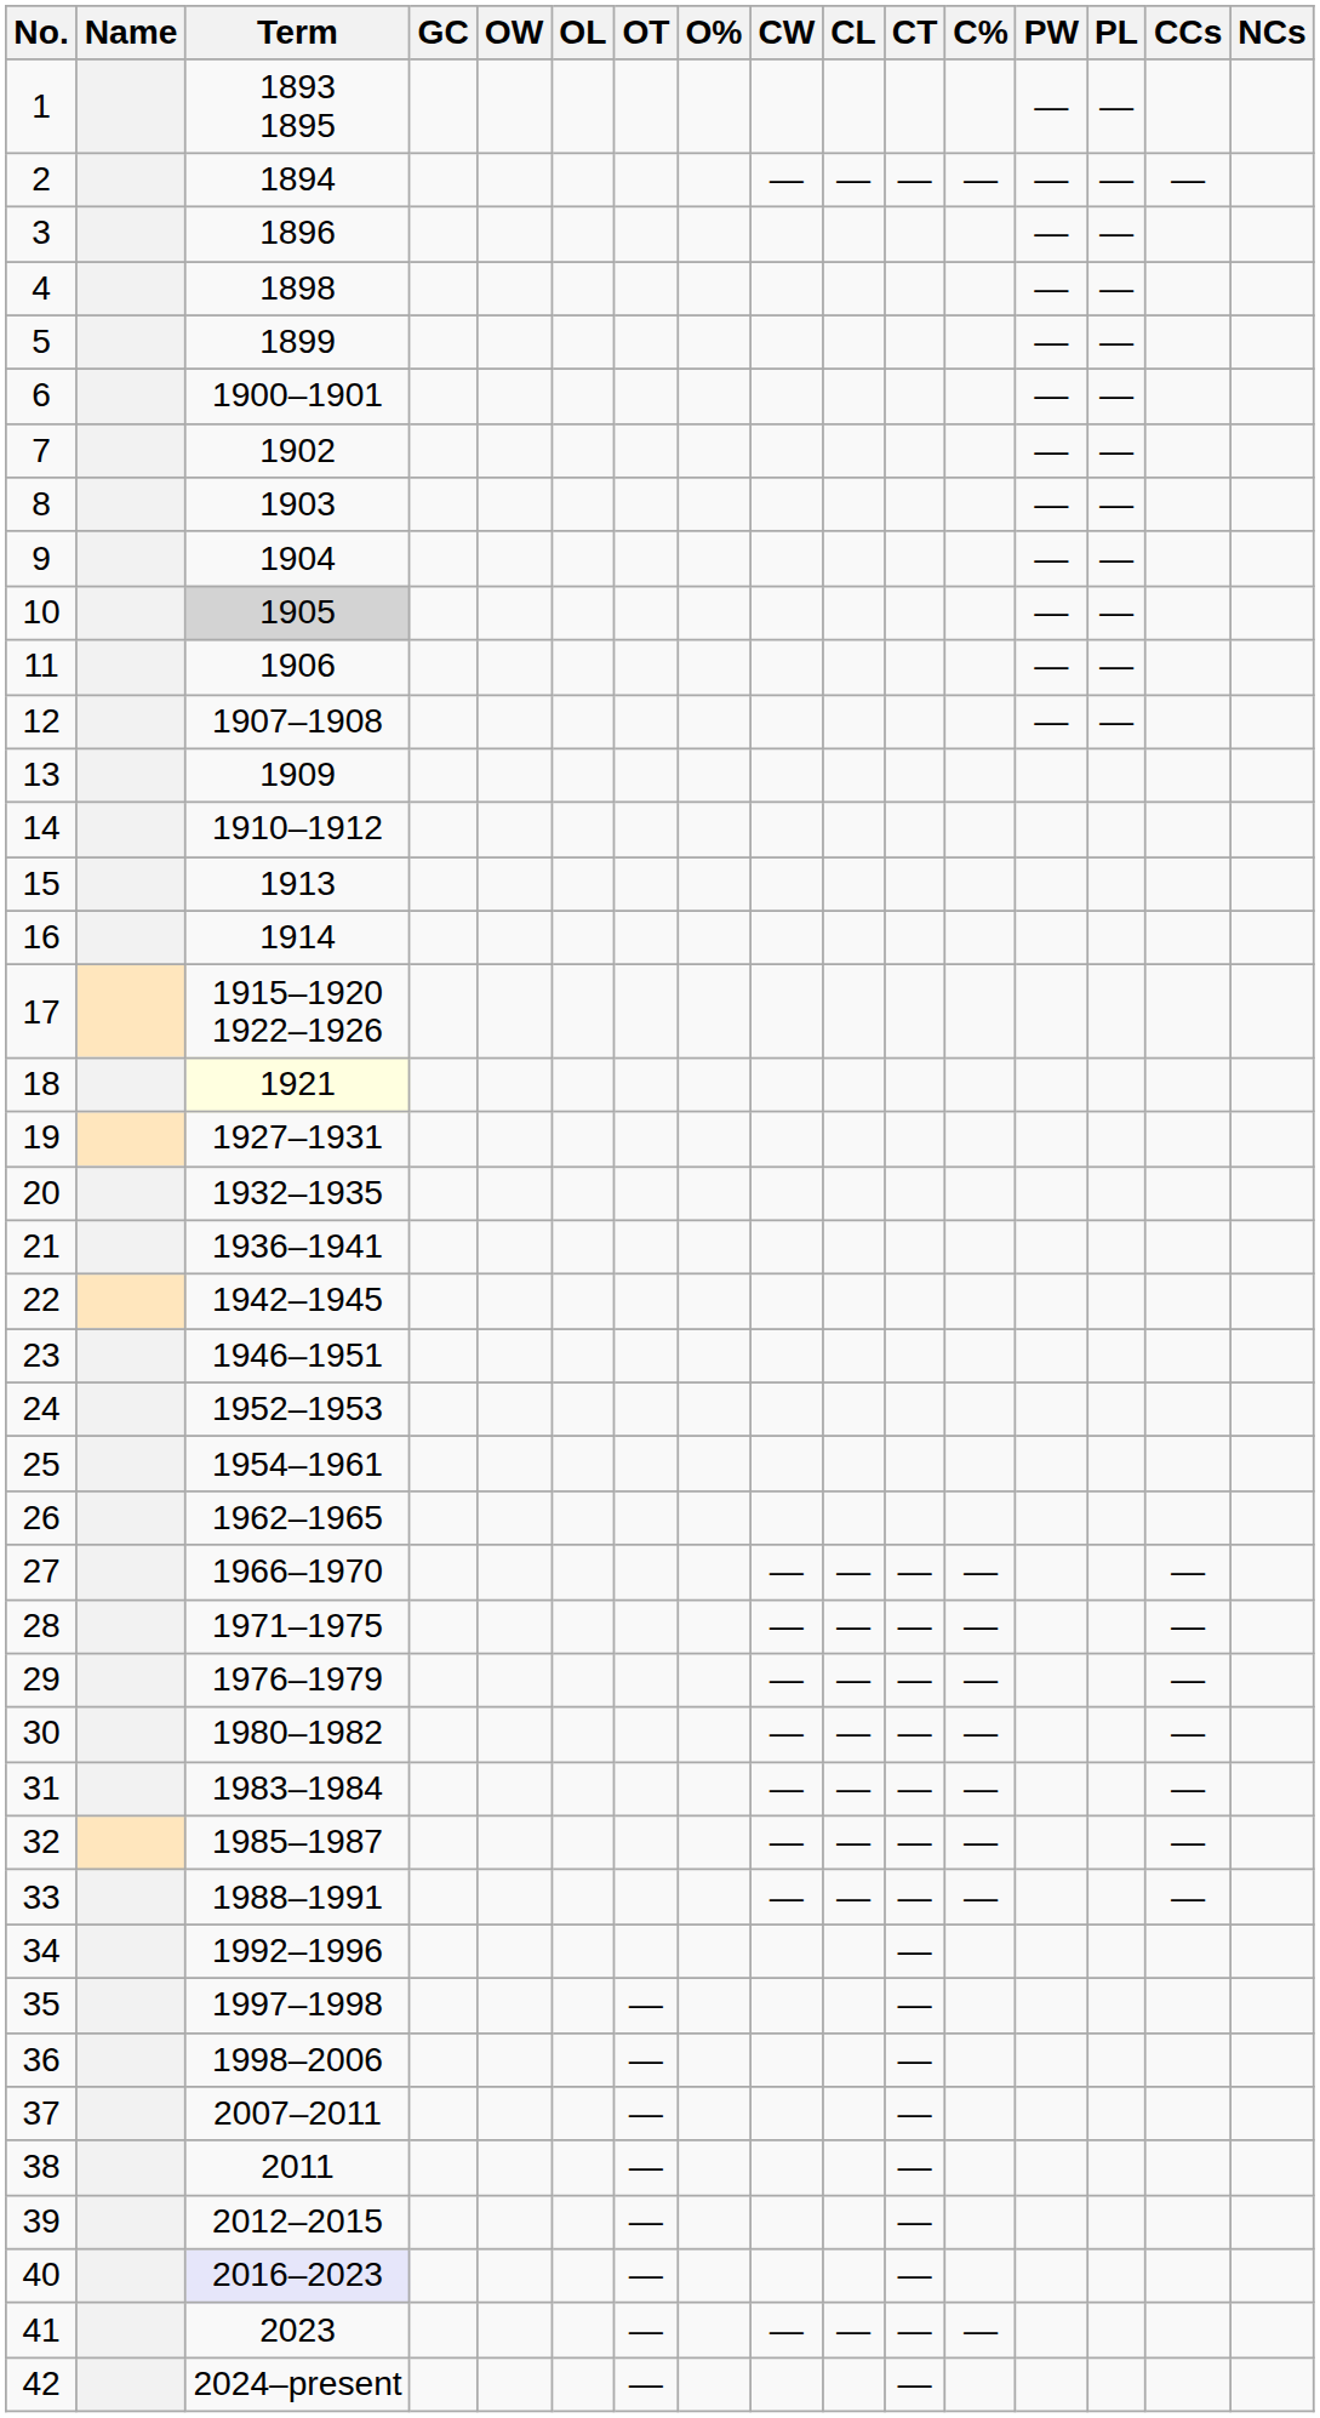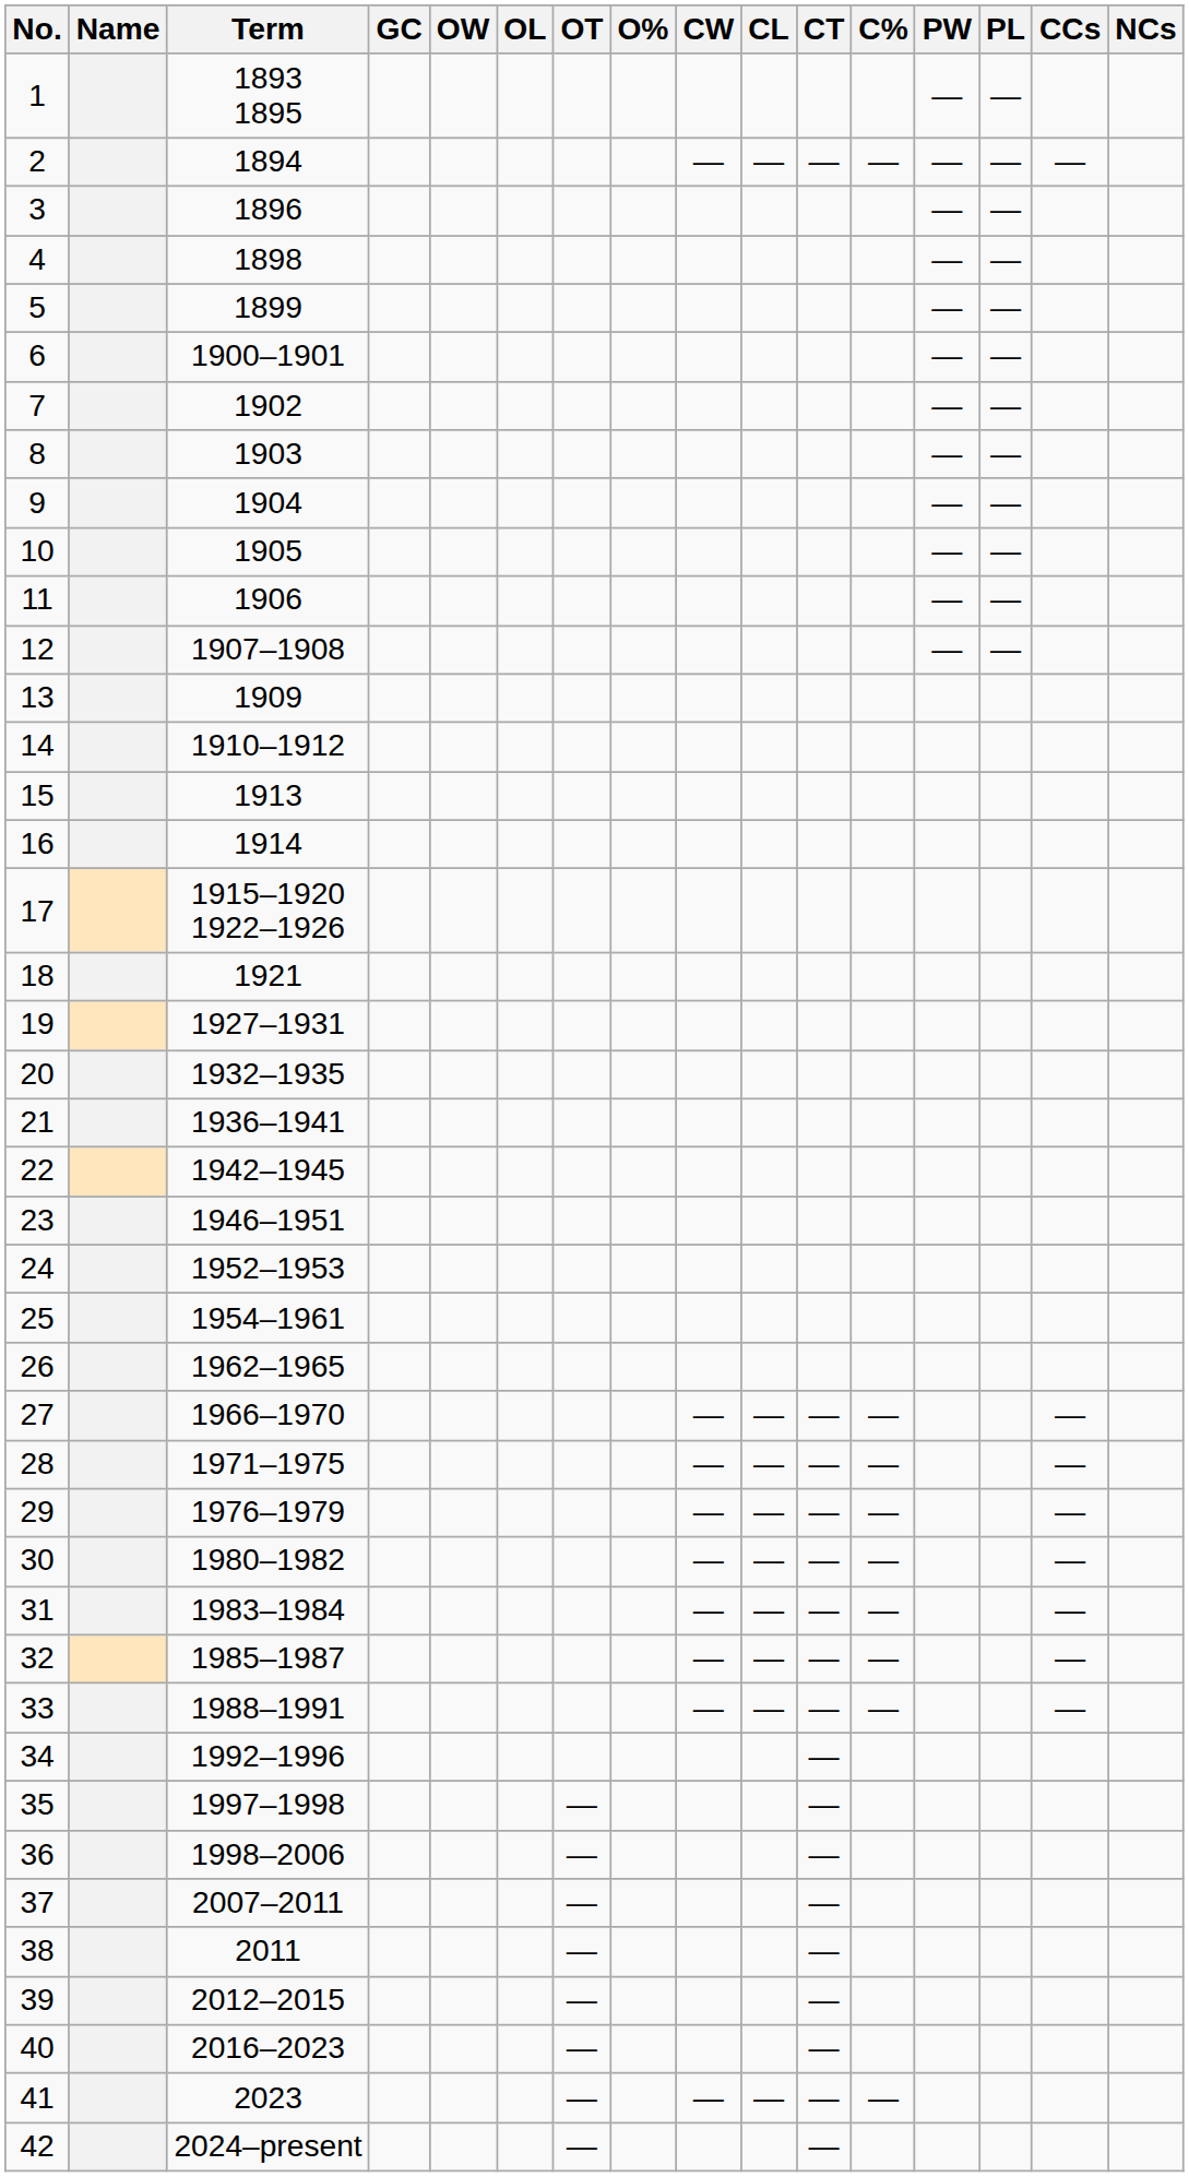 <table class="wikitable sortable" style="text-align:center">
 <tr>
 <th scope="col" class="unsortable">No.</th>
 <th>Name</th>
 <th>Term</th>
 <th>GC</th>
 <th>OW</th>
 <th>OL</th>
 <th>OT</th>
 <th>O%</th>
 <th>CW</th>
 <th>CL</th>
 <th>CT</th>
 <th>C%</th>
 <th>PW</th>
 <th>PL</th>
 <th>CCs</th>
 <th>NCs</th>
 </tr>
 <tr>
 <td>1</td>
 <th scope="row"></th>
 <td>1893<br>1895</td>
 <td></td>
 <td></td>
 <td></td>
 <td></td>
 <td></td>
 <td></td>
 <td></td>
 <td></td>
 <td></td>
 <td>—</td>
 <td>—</td>
 <td></td>
 <td></td>
 </tr>
 <tr>
 <td>2</td>
 <th scope="row"></th>
 <td>1894</td>
 <td></td>
 <td></td>
 <td></td>
 <td></td>
 <td></td>
 <td>—</td>
 <td>—</td>
 <td>—</td>
 <td>—</td>
 <td>—</td>
 <td>—</td>
 <td>—</td>
 <td></td>
 </tr>
 <tr>
 <td>3</td>
 <th scope="row"></th>
 <td>1896</td>
 <td></td>
 <td></td>
 <td></td>
 <td></td>
 <td></td>
 <td></td>
 <td></td>
 <td></td>
 <td></td>
 <td>—</td>
 <td>—</td>
 <td></td>
 <td></td>
 </tr>
 <tr>
 <td>4</td>
 <th scope="row"></th>
 <td>1898</td>
 <td></td>
 <td></td>
 <td></td>
 <td></td>
 <td></td>
 <td></td>
 <td></td>
 <td></td>
 <td></td>
 <td>—</td>
 <td>—</td>
 <td></td>
 <td></td>
 </tr>
 <tr>
 <td>5</td>
 <th scope="row"></th>
 <td>1899</td>
 <td></td>
 <td></td>
 <td></td>
 <td></td>
 <td></td>
 <td></td>
 <td></td>
 <td></td>
 <td></td>
 <td>—</td>
 <td>—</td>
 <td></td>
 <td></td>
 </tr>
 <tr>
 <td>6</td>
 <th scope="row"></th>
 <td>1900–1901</td>
 <td></td>
 <td></td>
 <td></td>
 <td></td>
 <td></td>
 <td></td>
 <td></td>
 <td></td>
 <td></td>
 <td>—</td>
 <td>—</td>
 <td></td>
 <td></td>
 </tr>
 <tr>
 <td>7</td>
 <th scope="row"></th>
 <td>1902</td>
 <td></td>
 <td></td>
 <td></td>
 <td></td>
 <td></td>
 <td></td>
 <td></td>
 <td></td>
 <td></td>
 <td>—</td>
 <td>—</td>
 <td></td>
 <td></td>
 </tr>
 <tr>
 <td>8</td>
 <th scope="row"></th>
 <td>1903</td>
 <td></td>
 <td></td>
 <td></td>
 <td></td>
 <td></td>
 <td></td>
 <td></td>
 <td></td>
 <td></td>
 <td>—</td>
 <td>—</td>
 <td></td>
 <td></td>
 </tr>
 <tr>
 <td>9</td>
 <th scope="row"></th>
 <td>1904</td>
 <td></td>
 <td></td>
 <td></td>
 <td></td>
 <td></td>
 <td></td>
 <td></td>
 <td></td>
 <td></td>
 <td>—</td>
 <td>—</td>
 <td></td>
 <td></td>
 </tr>
 <tr>
 <td>10</td>
 <th scope="row"></th>
-<td style="background: lightgrey;">1905</td>
+<td>1905</td>
 <td></td>
 <td></td>
 <td></td>
 <td></td>
 <td></td>
 <td></td>
 <td></td>
 <td></td>
 <td></td>
 <td>—</td>
 <td>—</td>
 <td></td>
 <td></td>
 </tr>
 <tr>
 <td>11</td>
 <th scope="row"></th>
 <td>1906</td>
 <td></td>
 <td></td>
 <td></td>
 <td></td>
 <td></td>
 <td></td>
 <td></td>
 <td></td>
 <td></td>
 <td>—</td>
 <td>—</td>
 <td></td>
 <td></td>
 </tr>
 <tr>
 <td>12</td>
 <th scope="row"></th>
 <td>1907–1908</td>
 <td></td>
 <td></td>
 <td></td>
 <td></td>
 <td></td>
 <td></td>
 <td></td>
 <td></td>
 <td></td>
 <td>—</td>
 <td>—</td>
 <td></td>
 <td></td>
 </tr>
 <tr>
 <td>13</td>
 <th scope="row"></th>
 <td>1909</td>
 <td></td>
 <td></td>
 <td></td>
 <td></td>
 <td></td>
 <td></td>
 <td></td>
 <td></td>
 <td></td>
 <td></td>
 <td></td>
 <td></td>
 <td></td>
 </tr>
 <tr>
 <td>14</td>
 <th scope="row"></th>
 <td>1910–1912</td>
 <td></td>
 <td></td>
 <td></td>
 <td></td>
 <td></td>
 <td></td>
 <td></td>
 <td></td>
 <td></td>
 <td></td>
 <td></td>
 <td></td>
 <td></td>
 </tr>
 <tr>
 <td>15</td>
 <th scope="row"></th>
 <td>1913</td>
 <td></td>
 <td></td>
 <td></td>
 <td></td>
 <td></td>
 <td></td>
 <td></td>
 <td></td>
 <td></td>
 <td></td>
 <td></td>
 <td></td>
 <td></td>
 </tr>
 <tr>
 <td>16</td>
 <th scope="row"></th>
 <td>1914</td>
 <td></td>
 <td></td>
 <td></td>
 <td></td>
 <td></td>
 <td></td>
 <td></td>
 <td></td>
 <td></td>
 <td></td>
 <td></td>
 <td></td>
 <td></td>
 </tr>
 <tr>
 <td>17</td>
 <td scope="row" align="center" bgcolor=#FFE6BD><strong></strong><sup></sup></td>
 <td>1915–1920<br>1922–1926</td>
 <td></td>
 <td></td>
 <td></td>
 <td></td>
 <td></td>
 <td></td>
 <td></td>
 <td></td>
 <td></td>
 <td></td>
 <td></td>
 <td></td>
 <td></td>
 </tr>
 <tr>
 <td>18</td>
 <th scope="row"></th>
-<td style="background: lightyellow;">1921</td>
+<td>1921</td>
 <td></td>
 <td></td>
 <td></td>
 <td></td>
 <td></td>
 <td></td>
 <td></td>
 <td></td>
 <td></td>
 <td></td>
 <td></td>
 <td></td>
 <td></td>
 </tr>
 <tr>
 <td>19</td>
 <td scope="row" align="center" bgcolor=#FFE6BD><strong></strong><sup></sup></td>
 <td>1927–1931</td>
 <td></td>
 <td></td>
 <td></td>
 <td></td>
 <td></td>
 <td></td>
 <td></td>
 <td></td>
 <td></td>
 <td></td>
 <td></td>
 <td></td>
 <td></td>
 </tr>
 <tr>
 <td>20</td>
 <th scope="row"></th>
 <td>1932–1935</td>
 <td></td>
 <td></td>
 <td></td>
 <td></td>
 <td></td>
 <td></td>
 <td></td>
 <td></td>
 <td></td>
 <td></td>
 <td></td>
 <td></td>
 <td></td>
 </tr>
 <tr>
 <td>21</td>
 <th scope="row"></th>
 <td>1936–1941</td>
 <td></td>
 <td></td>
 <td></td>
 <td></td>
 <td></td>
 <td></td>
 <td></td>
 <td></td>
 <td></td>
 <td></td>
 <td></td>
 <td></td>
 <td></td>
 </tr>
 <tr>
 <td>22</td>
 <td scope="row" align="center" bgcolor=#FFE6BD><strong></strong><sup></sup></td>
 <td>1942–1945</td>
 <td></td>
 <td></td>
 <td></td>
 <td></td>
 <td></td>
 <td></td>
 <td></td>
 <td></td>
 <td></td>
 <td></td>
 <td></td>
 <td></td>
 <td></td>
 </tr>
 <tr>
 <td>23</td>
 <th scope="row"></th>
 <td>1946–1951</td>
 <td></td>
 <td></td>
 <td></td>
 <td></td>
 <td></td>
 <td></td>
 <td></td>
 <td></td>
 <td></td>
 <td></td>
 <td></td>
 <td></td>
 <td></td>
 </tr>
 <tr>
 <td>24</td>
 <th scope="row"></th>
 <td>1952–1953</td>
 <td></td>
 <td></td>
 <td></td>
 <td></td>
 <td></td>
 <td></td>
 <td></td>
 <td></td>
 <td></td>
 <td></td>
 <td></td>
 <td></td>
 <td></td>
 </tr>
 <tr>
 <td>25</td>
 <th scope="row"></th>
 <td>1954–1961</td>
 <td></td>
 <td></td>
 <td></td>
 <td></td>
 <td></td>
 <td></td>
 <td></td>
 <td></td>
 <td></td>
 <td></td>
 <td></td>
 <td></td>
 <td></td>
 </tr>
 <tr>
 <td>26</td>
 <th scope="row"></th>
 <td>1962–1965</td>
 <td></td>
 <td></td>
 <td></td>
 <td></td>
 <td></td>
 <td></td>
 <td></td>
 <td></td>
 <td></td>
 <td></td>
 <td></td>
 <td></td>
 <td></td>
 </tr>
 <tr>
 <td>27</td>
 <th scope="row"></th>
 <td>1966–1970</td>
 <td></td>
 <td></td>
 <td></td>
 <td></td>
 <td></td>
 <td>—</td>
 <td>—</td>
 <td>—</td>
 <td>—</td>
 <td></td>
 <td></td>
 <td>—</td>
 <td></td>
 </tr>
 <tr>
 <td>28</td>
 <th scope="row"></th>
 <td>1971–1975</td>
 <td></td>
 <td></td>
 <td></td>
 <td></td>
 <td></td>
 <td>—</td>
 <td>—</td>
 <td>—</td>
 <td>—</td>
 <td></td>
 <td></td>
 <td>—</td>
 <td></td>
 </tr>
 <tr>
 <td>29</td>
 <th scope="row"></th>
 <td>1976–1979</td>
 <td></td>
 <td></td>
 <td></td>
 <td></td>
 <td></td>
 <td>—</td>
 <td>—</td>
 <td>—</td>
 <td>—</td>
 <td></td>
 <td></td>
 <td>—</td>
 <td></td>
 </tr>
 <tr>
 <td>30</td>
 <th scope="row"></th>
 <td>1980–1982</td>
 <td></td>
 <td></td>
 <td></td>
 <td></td>
 <td></td>
 <td>—</td>
 <td>—</td>
 <td>—</td>
 <td>—</td>
 <td></td>
 <td></td>
 <td>—</td>
 <td></td>
 </tr>
 <tr>
 <td>31</td>
 <th scope="row"></th>
 <td>1983–1984</td>
 <td></td>
 <td></td>
 <td></td>
 <td></td>
 <td></td>
 <td>—</td>
 <td>—</td>
 <td>—</td>
 <td>—</td>
 <td></td>
 <td></td>
 <td>—</td>
 <td></td>
 </tr>
 <tr>
 <td>32</td>
 <td scope="row" align="center" bgcolor=#FFE6BD><strong></strong><sup></sup></td>
 <td>1985–1987</td>
 <td></td>
 <td></td>
 <td></td>
 <td></td>
 <td></td>
 <td>—</td>
 <td>—</td>
 <td>—</td>
 <td>—</td>
 <td></td>
 <td></td>
 <td>—</td>
 <td></td>
 </tr>
 <tr>
 <td>33</td>
 <th scope="row"></th>
 <td>1988–1991</td>
 <td></td>
 <td></td>
 <td></td>
 <td></td>
 <td></td>
 <td>—</td>
 <td>—</td>
 <td>—</td>
 <td>—</td>
 <td></td>
 <td></td>
 <td>—</td>
 <td></td>
 </tr>
 <tr>
 <td>34</td>
 <th scope="row"></th>
 <td>1992–1996</td>
 <td></td>
 <td></td>
 <td></td>
 <td></td>
 <td></td>
 <td></td>
 <td></td>
 <td>—</td>
 <td></td>
 <td></td>
 <td></td>
 <td></td>
 <td></td>
 </tr>
 <tr>
 <td>35</td>
 <th scope="row"></th>
 <td>1997–1998</td>
 <td></td>
 <td></td>
 <td></td>
 <td>—</td>
 <td></td>
 <td></td>
 <td></td>
 <td>—</td>
 <td></td>
 <td></td>
 <td></td>
 <td></td>
 <td></td>
 </tr>
 <tr>
 <td>36</td>
 <th scope="row"></th>
 <td>1998–2006</td>
 <td></td>
 <td></td>
 <td></td>
 <td>—</td>
 <td></td>
 <td></td>
 <td></td>
 <td>—</td>
 <td></td>
 <td></td>
 <td></td>
 <td></td>
 <td></td>
 </tr>
 <tr>
 <td>37</td>
 <th scope="row"></th>
 <td>2007–2011</td>
 <td></td>
 <td></td>
 <td></td>
 <td>—</td>
 <td></td>
 <td></td>
 <td></td>
 <td>—</td>
 <td></td>
 <td></td>
 <td></td>
 <td></td>
 <td></td>
 </tr>
 <tr>
 <td>38</td>
 <th scope="row"></th>
 <td>2011</td>
 <td></td>
 <td></td>
 <td></td>
 <td>—</td>
 <td></td>
 <td></td>
 <td></td>
 <td>—</td>
 <td></td>
 <td></td>
 <td></td>
 <td></td>
 <td></td>
 </tr>
 <tr>
 <td>39</td>
 <th scope="row"></th>
 <td>2012–2015</td>
 <td></td>
 <td></td>
 <td></td>
 <td>—</td>
 <td></td>
 <td></td>
 <td></td>
 <td>—</td>
 <td></td>
 <td></td>
 <td></td>
 <td></td>
 <td></td>
 </tr>
 <tr>
 <td>40</td>
 <th scope="row"></th>
-<td style="background: lavender;">2016–2023</td>
+<td>2016–2023</td>
 <td></td>
 <td></td>
 <td></td>
 <td>—</td>
 <td></td>
 <td></td>
 <td></td>
 <td>—</td>
 <td></td>
 <td></td>
 <td></td>
 <td></td>
 <td></td>
 </tr>
 <tr>
 <td>41</td>
 <th scope="row"></th>
 <td>2023</td>
 <td></td>
 <td></td>
 <td></td>
 <td>—</td>
 <td></td>
 <td>—</td>
 <td>—</td>
 <td>—</td>
 <td>—</td>
 <td></td>
 <td></td>
 <td></td>
 <td></td>
 </tr>
 <tr>
 <td>42</td>
 <th scope="row"></th>
 <td>2024–present</td>
 <td></td>
 <td></td>
 <td></td>
 <td>—</td>
 <td></td>
 <td></td>
 <td></td>
 <td>—</td>
 <td></td>
 <td></td>
 <td></td>
 <td></td>
 <td></td>
 </tr>
 </table>
